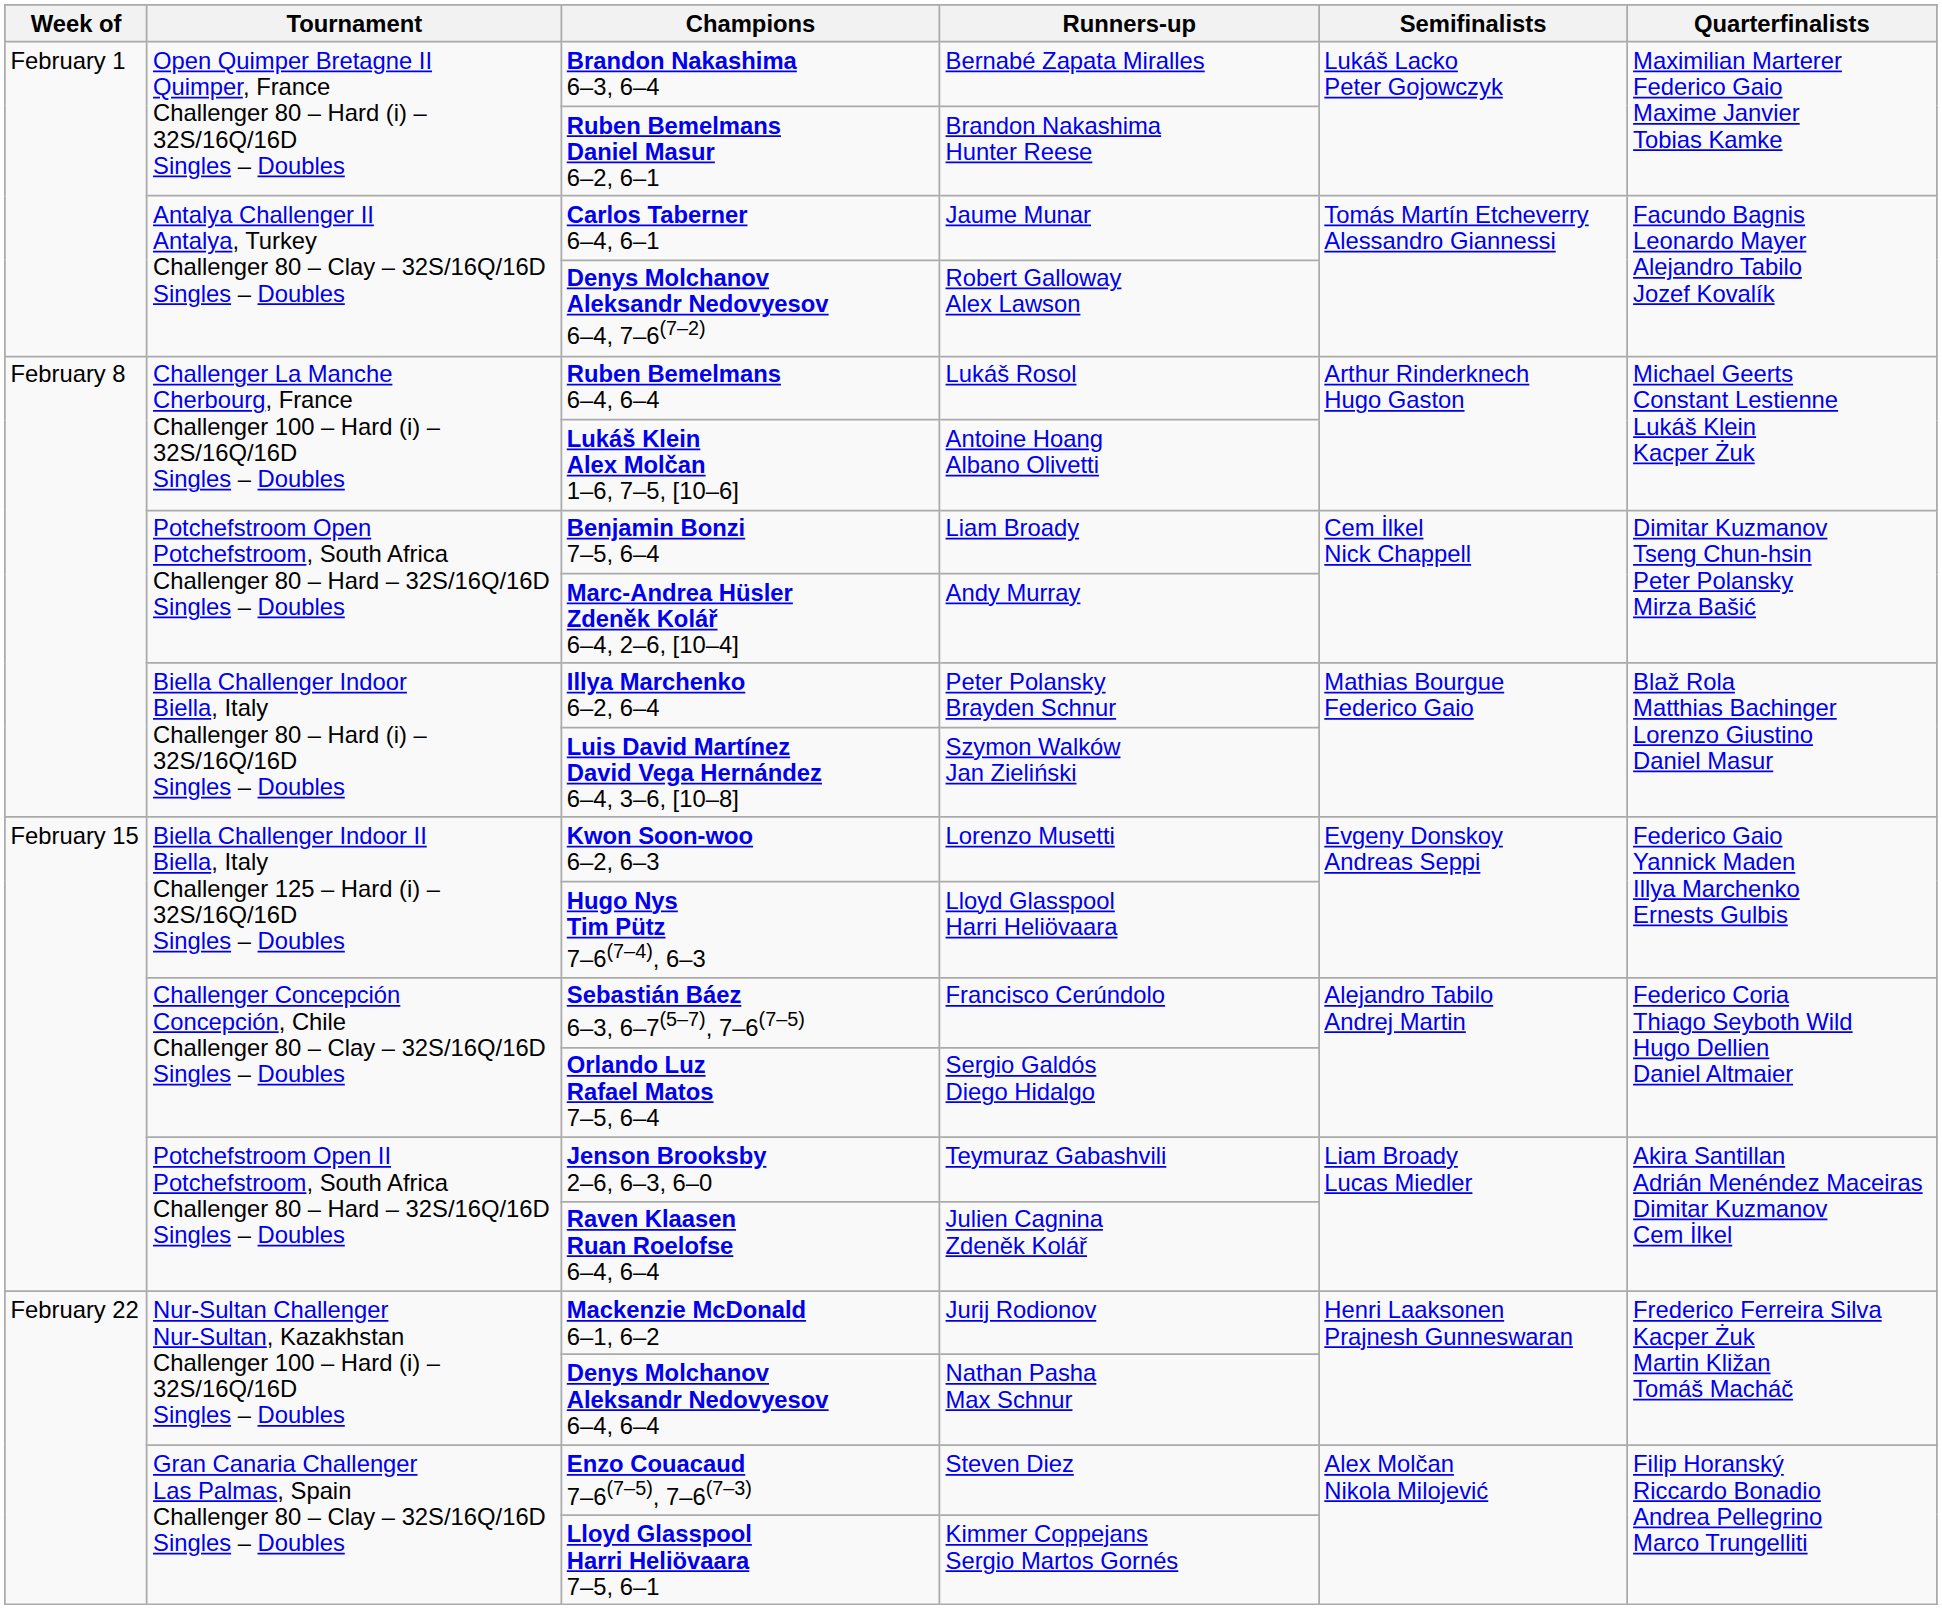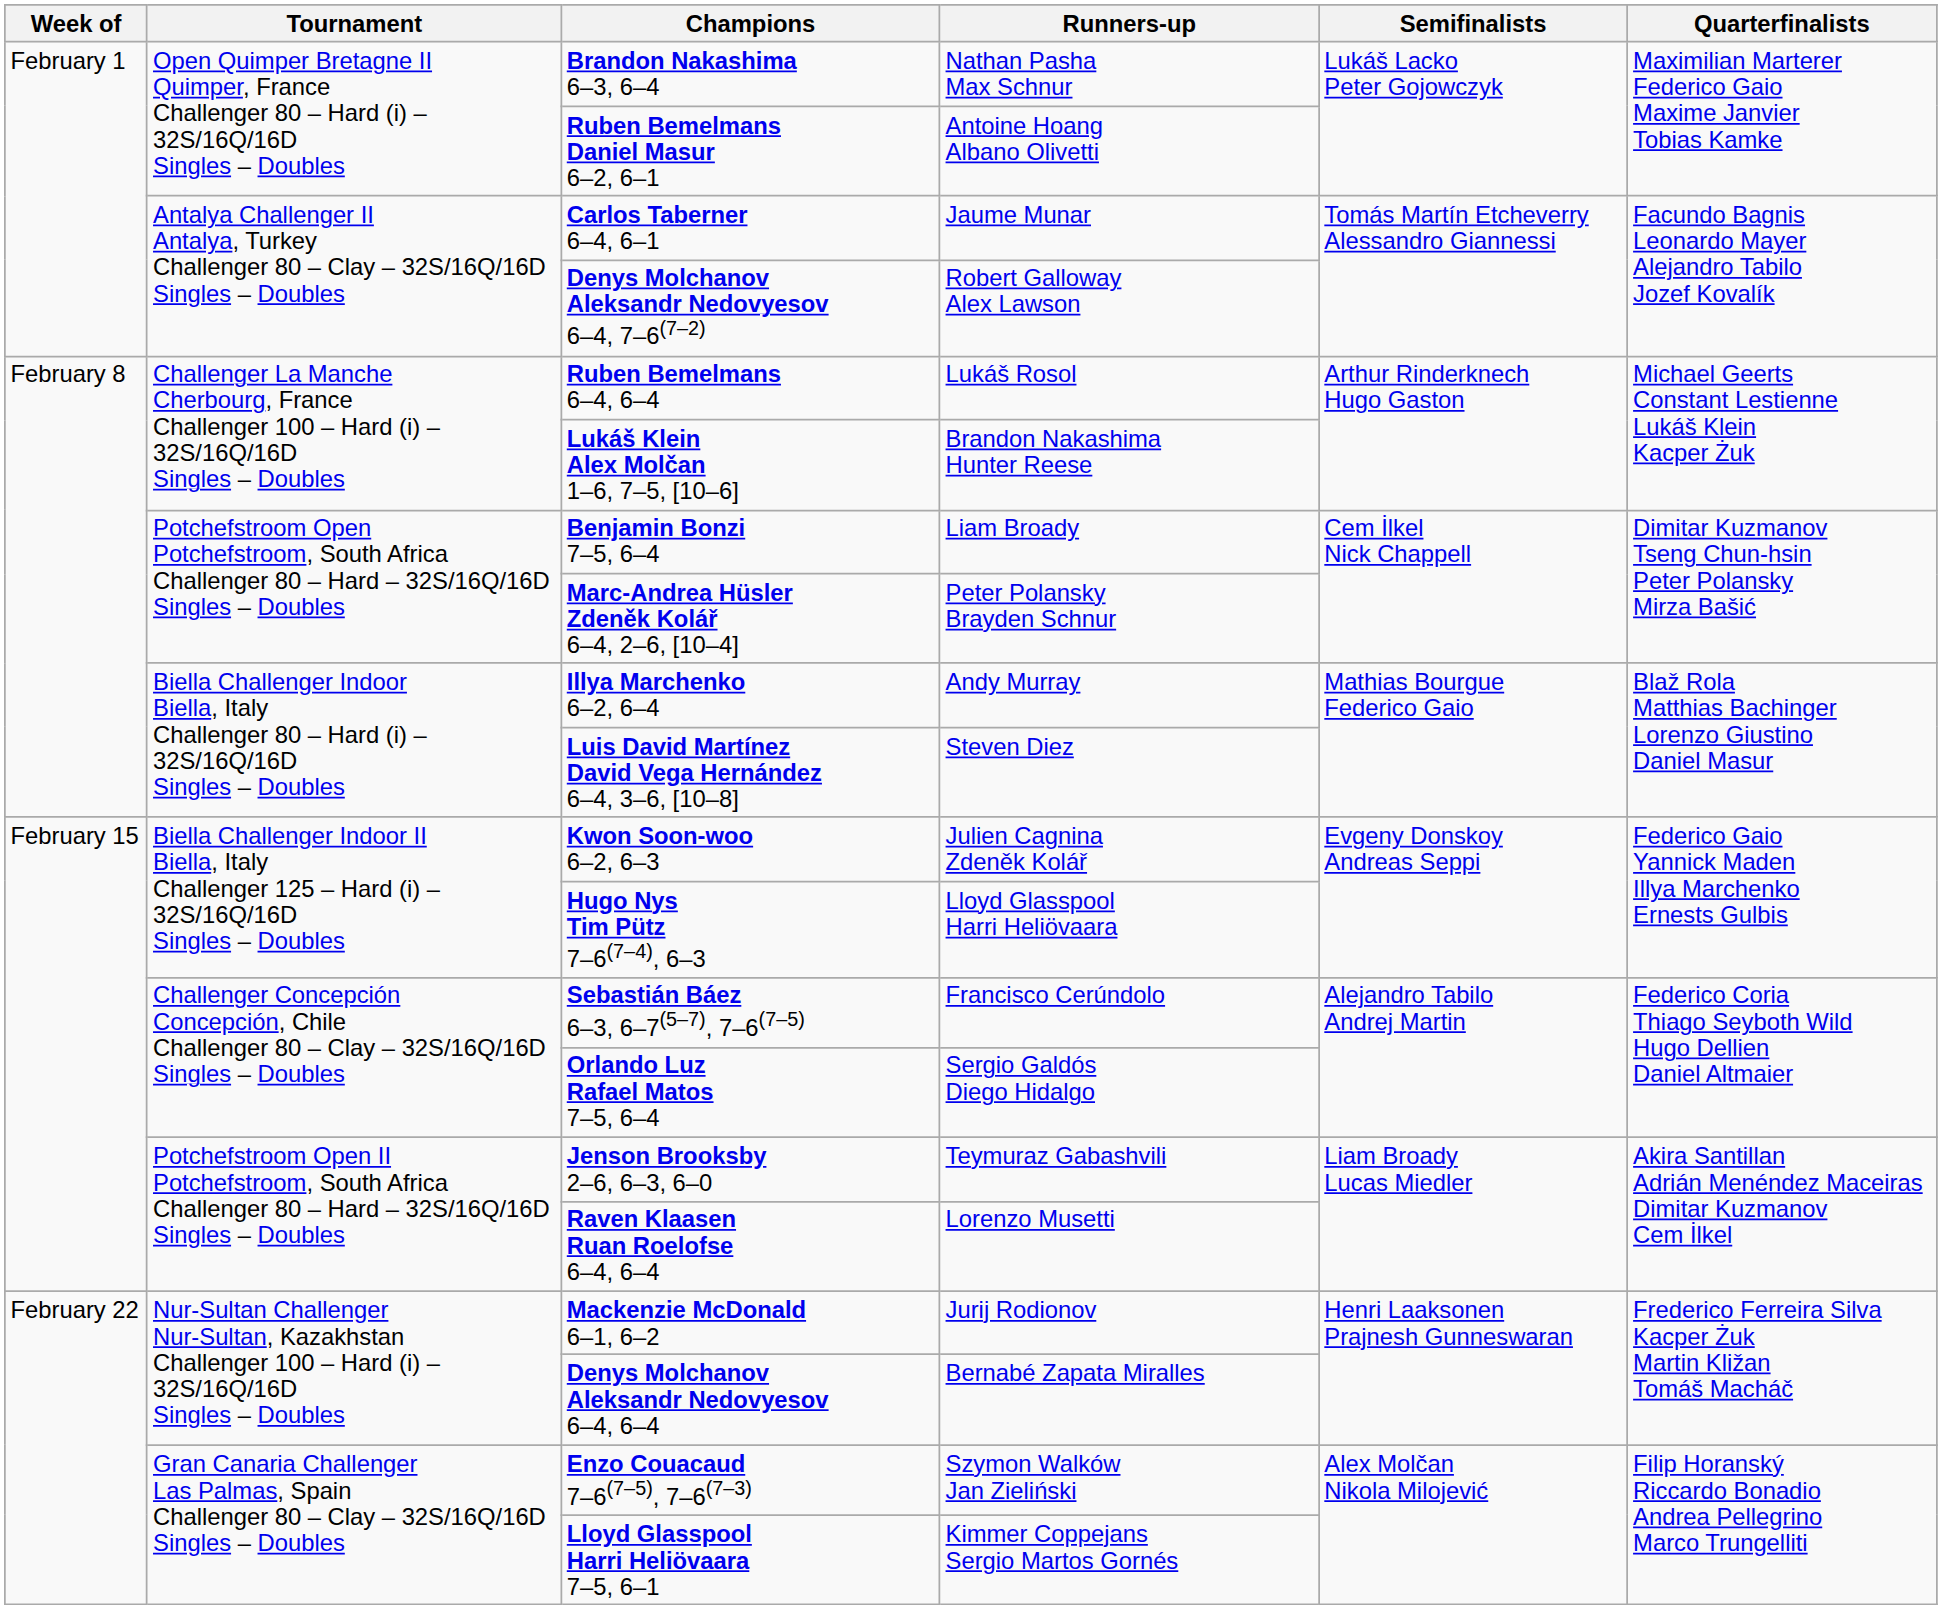 <table class="wikitable" style="font-size:85%;">
 <tr>
 <th width="75">Week of</th>
 <th width="230">Tournament</th>
 <th width="210">Champions</th>
 <th width="210">Runners-up</th>
 <th width="170">Semifinalists</th>
 <th width="170">Quarterfinalists</th>
 </tr>
 <tr valign=top>
 <td rowspan=4>February 1</td>
 <td rowspan=2><a href='#'>Open Quimper Bretagne II</a><br><a href='#'>Quimper</a>, France <br> Challenger 80 – Hard (i) – 32S/16Q/16D<br><a href='#'>Singles</a> – <a href='#'>Doubles</a></td>
 <td> <strong><a href='#'>Brandon Nakashima</a></strong><br>6–3, 6–4</td>
-<td> <a href='#'>Bernabé Zapata Miralles</a></td>
+<td> <a href='#'>Nathan Pasha</a><br> <a href='#'>Max Schnur</a></td>
 <td rowspan=2> <a href='#'>Lukáš Lacko</a> <br>  <a href='#'>Peter Gojowczyk</a></td>
 <td rowspan=2> <a href='#'>Maximilian Marterer</a><br> <a href='#'>Federico Gaio</a> <br> <a href='#'>Maxime Janvier</a> <br>  <a href='#'>Tobias Kamke</a></td>
 </tr>
 <tr valign=top>
 <td> <strong><a href='#'>Ruben Bemelmans</a></strong><br> <strong><a href='#'>Daniel Masur</a></strong><br>6–2, 6–1</td>
-<td> <a href='#'>Brandon Nakashima</a><br> <a href='#'>Hunter Reese</a></td>
+<td> <a href='#'>Antoine Hoang</a><br> <a href='#'>Albano Olivetti</a></td>
 </tr>
 <tr valign=top>
 <td rowspan=2><a href='#'>Antalya Challenger II</a><br><a href='#'>Antalya</a>, Turkey <br> Challenger 80 – Clay – 32S/16Q/16D<br><a href='#'>Singles</a> – <a href='#'>Doubles</a></td>
 <td> <strong><a href='#'>Carlos Taberner</a></strong><br>6–4, 6–1</td>
 <td> <a href='#'>Jaume Munar</a></td>
 <td rowspan=2> <a href='#'>Tomás Martín Etcheverry</a> <br>  <a href='#'>Alessandro Giannessi</a></td>
 <td rowspan=2> <a href='#'>Facundo Bagnis</a> <br> <a href='#'>Leonardo Mayer</a> <br> <a href='#'>Alejandro Tabilo</a> <br>  <a href='#'>Jozef Kovalík</a></td>
 </tr>
 <tr valign=top>
 <td> <strong><a href='#'>Denys Molchanov</a></strong><br> <strong><a href='#'>Aleksandr Nedovyesov</a></strong><br>6–4, 7–6<sup>(7–2)</sup></td>
 <td> <a href='#'>Robert Galloway</a><br> <a href='#'>Alex Lawson</a></td>
 </tr>
 <tr valign=top>
 <td rowspan=6>February 8</td>
 <td rowspan=2><a href='#'>Challenger La Manche</a><br><a href='#'>Cherbourg</a>, France <br> Challenger 100 – Hard (i) – 32S/16Q/16D<br><a href='#'>Singles</a> – <a href='#'>Doubles</a></td>
 <td> <strong><a href='#'>Ruben Bemelmans</a></strong><br>6–4, 6–4</td>
 <td> <a href='#'>Lukáš Rosol</a></td>
 <td rowspan=2> <a href='#'>Arthur Rinderknech</a> <br>  <a href='#'>Hugo Gaston</a></td>
 <td rowspan=2> <a href='#'>Michael Geerts</a> <br>  <a href='#'>Constant Lestienne</a> <br> <a href='#'>Lukáš Klein</a> <br>  <a href='#'>Kacper Żuk</a></td>
 </tr>
 <tr valign=top>
 <td> <strong><a href='#'>Lukáš Klein</a></strong><br> <strong><a href='#'>Alex Molčan</a></strong><br>1–6, 7–5, [10–6]</td>
-<td> <a href='#'>Antoine Hoang</a><br> <a href='#'>Albano Olivetti</a></td>
+<td> <a href='#'>Brandon Nakashima</a><br> <a href='#'>Hunter Reese</a></td>
 </tr>
 <tr valign=top>
 <td rowspan=2><a href='#'>Potchefstroom Open</a><br><a href='#'>Potchefstroom</a>, South Africa <br> Challenger 80 – Hard – 32S/16Q/16D<br><a href='#'>Singles</a> – <a href='#'>Doubles</a></td>
 <td> <strong><a href='#'>Benjamin Bonzi</a></strong><br>7–5, 6–4</td>
 <td> <a href='#'>Liam Broady</a></td>
 <td rowspan=2> <a href='#'>Cem İlkel</a> <br> <a href='#'>Nick Chappell</a></td>
 <td rowspan=2> <a href='#'>Dimitar Kuzmanov</a> <br> <a href='#'>Tseng Chun-hsin</a> <br> <a href='#'>Peter Polansky</a> <br>  <a href='#'>Mirza Bašić</a></td>
 </tr>
 <tr valign=top>
 <td> <strong><a href='#'>Marc-Andrea Hüsler</a></strong><br> <strong><a href='#'>Zdeněk Kolář</a></strong><br>6–4, 2–6, [10–4]</td>
-<td> <a href='#'>Andy Murray</a></td>
+<td> <a href='#'>Peter Polansky</a><br> <a href='#'>Brayden Schnur</a></td>
 </tr>
 <tr valign=top>
 <td rowspan=2><a href='#'>Biella Challenger Indoor</a><br><a href='#'>Biella</a>, Italy <br> Challenger 80 – Hard (i) – 32S/16Q/16D<br><a href='#'>Singles</a> – <a href='#'>Doubles</a></td>
 <td> <strong><a href='#'>Illya Marchenko</a></strong><br>6–2, 6–4</td>
-<td> <a href='#'>Peter Polansky</a><br> <a href='#'>Brayden Schnur</a></td>
+<td> <a href='#'>Andy Murray</a></td>
 <td rowspan=2> <a href='#'>Mathias Bourgue</a> <br> <a href='#'>Federico Gaio</a></td>
 <td rowspan=2> <a href='#'>Blaž Rola</a> <br> <a href='#'>Matthias Bachinger</a> <br> <a href='#'>Lorenzo Giustino</a> <br>  <a href='#'>Daniel Masur</a></td>
 </tr>
 <tr valign=top>
 <td> <strong><a href='#'>Luis David Martínez</a></strong><br> <strong><a href='#'>David Vega Hernández</a></strong><br>6–4, 3–6, [10–8]</td>
-<td> <a href='#'>Szymon Walków</a><br> <a href='#'>Jan Zieliński</a></td>
+<td> <a href='#'>Steven Diez</a></td>
 </tr>
 <tr valign=top>
 <td rowspan=6>February 15</td>
 <td rowspan=2><a href='#'>Biella Challenger Indoor II</a><br><a href='#'>Biella</a>, Italy <br> Challenger 125 – Hard (i) – 32S/16Q/16D<br><a href='#'>Singles</a> – <a href='#'>Doubles</a></td>
 <td> <strong><a href='#'>Kwon Soon-woo</a></strong><br>6–2, 6–3</td>
-<td> <a href='#'>Lorenzo Musetti</a></td>
+<td> <a href='#'>Julien Cagnina</a><br> <a href='#'>Zdeněk Kolář</a></td>
 <td rowspan=2> <a href='#'>Evgeny Donskoy</a> <br>  <a href='#'>Andreas Seppi</a></td>
 <td rowspan=2> <a href='#'>Federico Gaio</a> <br>  <a href='#'>Yannick Maden</a> <br> <a href='#'>Illya Marchenko</a> <br>  <a href='#'>Ernests Gulbis</a></td>
 </tr>
 <tr valign=top>
 <td> <strong><a href='#'>Hugo Nys</a></strong><br> <strong><a href='#'>Tim Pütz</a></strong><br>7–6<sup>(7–4)</sup>, 6–3</td>
 <td> <a href='#'>Lloyd Glasspool</a><br> <a href='#'>Harri Heliövaara</a></td>
 </tr>
 <tr valign=top>
 <td rowspan=2><a href='#'>Challenger Concepción</a><br><a href='#'>Concepción</a>, Chile <br> Challenger 80 – Clay – 32S/16Q/16D<br><a href='#'>Singles</a> – <a href='#'>Doubles</a></td>
 <td> <strong><a href='#'>Sebastián Báez</a></strong><br>6–3, 6–7<sup>(5–7)</sup>, 7–6<sup>(7–5)</sup></td>
 <td> <a href='#'>Francisco Cerúndolo</a></td>
 <td rowspan=2> <a href='#'>Alejandro Tabilo</a> <br> <a href='#'>Andrej Martin</a></td>
 <td rowspan=2> <a href='#'>Federico Coria</a> <br> <a href='#'>Thiago Seyboth Wild</a> <br> <a href='#'>Hugo Dellien</a> <br>  <a href='#'>Daniel Altmaier</a></td>
 </tr>
 <tr valign=top>
 <td> <strong><a href='#'>Orlando Luz</a></strong><br> <strong><a href='#'>Rafael Matos</a></strong><br>7–5, 6–4</td>
 <td> <a href='#'>Sergio Galdós</a><br> <a href='#'>Diego Hidalgo</a></td>
 </tr>
 <tr valign=top>
 <td rowspan=2><a href='#'>Potchefstroom Open II</a><br><a href='#'>Potchefstroom</a>, South Africa <br> Challenger 80 – Hard – 32S/16Q/16D<br><a href='#'>Singles</a> – <a href='#'>Doubles</a></td>
 <td> <strong><a href='#'>Jenson Brooksby</a></strong><br>2–6, 6–3, 6–0</td>
 <td> <a href='#'>Teymuraz Gabashvili</a></td>
 <td rowspan=2> <a href='#'>Liam Broady</a> <br>  <a href='#'>Lucas Miedler</a></td>
 <td rowspan=2> <a href='#'>Akira Santillan</a> <br> <a href='#'>Adrián Menéndez Maceiras</a> <br> <a href='#'>Dimitar Kuzmanov</a> <br>  <a href='#'>Cem İlkel</a></td>
 </tr>
 <tr valign=top>
 <td> <strong><a href='#'>Raven Klaasen</a></strong><br> <strong><a href='#'>Ruan Roelofse</a></strong><br>6–4, 6–4</td>
-<td> <a href='#'>Julien Cagnina</a><br> <a href='#'>Zdeněk Kolář</a></td>
+<td> <a href='#'>Lorenzo Musetti</a></td>
 </tr>
 <tr valign=top>
 <td rowspan=4>February 22</td>
 <td rowspan=2><a href='#'>Nur-Sultan Challenger</a><br><a href='#'>Nur-Sultan</a>, Kazakhstan <br> Challenger 100 – Hard (i) – 32S/16Q/16D<br><a href='#'>Singles</a> – <a href='#'>Doubles</a></td>
 <td> <strong><a href='#'>Mackenzie McDonald</a></strong><br>6–1, 6–2</td>
 <td> <a href='#'>Jurij Rodionov</a></td>
 <td rowspan=2> <a href='#'>Henri Laaksonen</a> <br>  <a href='#'>Prajnesh Gunneswaran</a></td>
 <td rowspan=2> <a href='#'>Frederico Ferreira Silva</a> <br> <a href='#'>Kacper Żuk</a> <br> <a href='#'>Martin Kližan</a> <br>  <a href='#'>Tomáš Macháč</a></td>
 </tr>
 <tr valign=top>
 <td> <strong><a href='#'>Denys Molchanov</a></strong><br> <strong><a href='#'>Aleksandr Nedovyesov</a></strong><br>6–4, 6–4</td>
-<td> <a href='#'>Nathan Pasha</a><br> <a href='#'>Max Schnur</a></td>
+<td> <a href='#'>Bernabé Zapata Miralles</a></td>
 </tr>
 <tr valign=top>
 <td rowspan=2><a href='#'>Gran Canaria Challenger</a><br><a href='#'>Las Palmas</a>, Spain <br> Challenger 80 – Clay – 32S/16Q/16D<br><a href='#'>Singles</a> – <a href='#'>Doubles</a></td>
 <td> <strong><a href='#'>Enzo Couacaud</a></strong><br>7–6<sup>(7–5)</sup>, 7–6<sup>(7–3)</sup></td>
-<td> <a href='#'>Steven Diez</a></td>
+<td> <a href='#'>Szymon Walków</a><br> <a href='#'>Jan Zieliński</a></td>
 <td rowspan=2> <a href='#'>Alex Molčan</a> <br>  <a href='#'>Nikola Milojević</a></td>
 <td rowspan=2> <a href='#'>Filip Horanský</a> <br> <a href='#'>Riccardo Bonadio</a> <br> <a href='#'>Andrea Pellegrino</a> <br>  <a href='#'>Marco Trungelliti</a></td>
 </tr>
 <tr valign=top>
 <td> <strong><a href='#'>Lloyd Glasspool</a></strong><br> <strong><a href='#'>Harri Heliövaara</a></strong><br>7–5, 6–1</td>
 <td> <a href='#'>Kimmer Coppejans</a><br> <a href='#'>Sergio Martos Gornés</a></td>
 </tr>
 </table>
